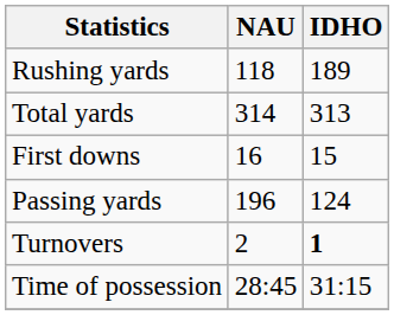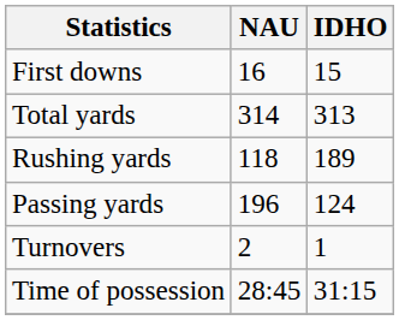 <table class="wikitable" style="float: left;">
 <tr>
 <th>Statistics</th>
 <th>NAU</th>
 <th>IDHO</th>
 </tr>
 <tr>
-<td>Rushing yards</td>
-<td>118</td>
-<td>189</td>
+<td>First downs</td>
+<td>16</td>
+<td>15</td>
 </tr>
 <tr>
 <td>Total yards</td>
 <td>314</td>
 <td>313</td>
 </tr>
 <tr>
-<td>First downs</td>
-<td>16</td>
-<td>15</td>
+<td>Rushing yards</td>
+<td>118</td>
+<td>189</td>
 </tr>
 <tr>
 <td>Passing yards</td>
 <td>196</td>
 <td>124</td>
 </tr>
 <tr>
 <td>Turnovers</td>
 <td>2</td>
-<td><strong>1</strong></td>
+<td>1</td>
 </tr>
 <tr>
 <td>Time of possession</td>
 <td>28:45</td>
 <td>31:15</td>
 </tr>
 <tr>
 </tr>
 </table>
